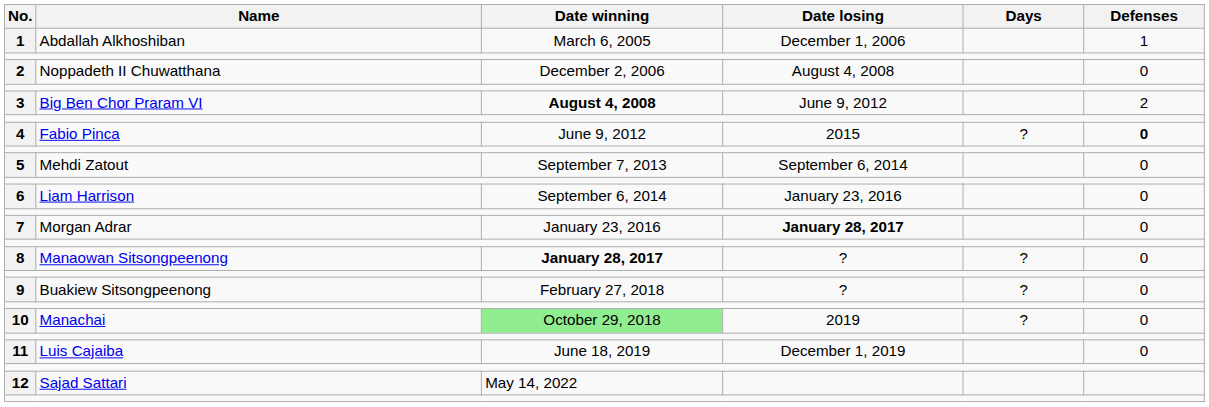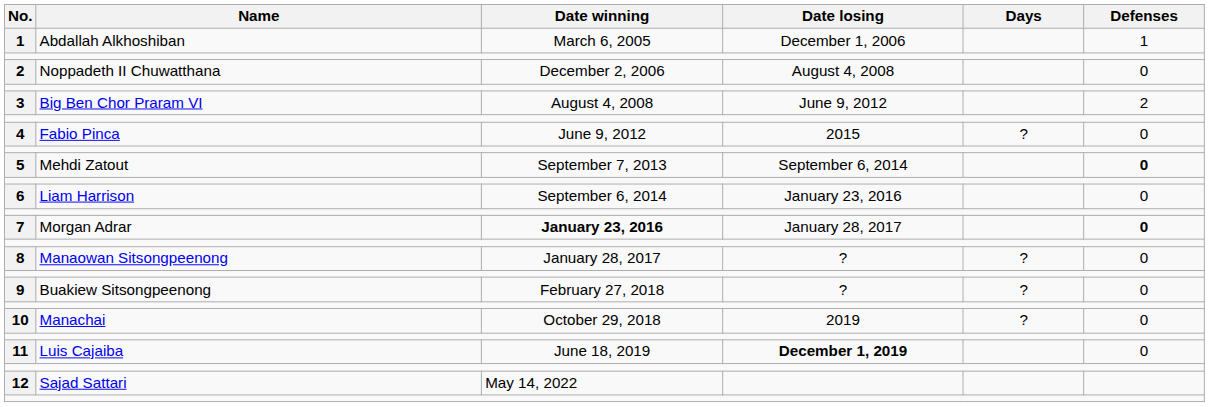 <table class="wikitable" width=100%>
 <tr>
 <th style="width:1%;">No.</th>
 <th style="width:37%;">Name</th>
 <th style="width:20%;">Date winning</th>
 <th style="width:20%;">Date losing</th>
 <th data-sort-type="number" style="width:10%;">Days</th>
 <th data-sort-type="number" style="width:10%;">Defenses</th>
 </tr>
 <tr align=center>
 <th>1</th>
 <td align="left"> Abdallah Alkhoshiban</td>
 <td>March 6, 2005</td>
 <td>December 1, 2006</td>
 <td></td>
 <td>1</td>
 </tr>
 <tr>
 <td colspan="6"></td>
 </tr>
 <tr align="center">
 <th>2</th>
 <td align="left"> Noppadeth II Chuwatthana</td>
 <td>December 2, 2006</td>
 <td>August 4, 2008</td>
 <td></td>
 <td>0</td>
 </tr>
 <tr>
 <td colspan="6"></td>
 </tr>
 <tr align="center">
 <th>3</th>
 <td align="left"> <a href='#'>Big Ben Chor Praram VI</a></td>
-<td><strong>August 4, 2008</strong></td>
+<td>August 4, 2008</td>
 <td>June 9, 2012</td>
 <td></td>
 <td>2</td>
 </tr>
 <tr>
 <td colspan="6"></td>
 </tr>
 <tr align="center">
 <th>4</th>
 <td align="left"> <a href='#'>Fabio Pinca</a></td>
 <td>June 9, 2012</td>
 <td>2015</td>
 <td>?</td>
-<td><strong>0</strong></td>
+<td>0</td>
 </tr>
 <tr>
 <td colspan="6"></td>
 </tr>
 <tr align="center">
 <th>5</th>
 <td align="left"> Mehdi Zatout</td>
 <td>September 7, 2013</td>
 <td>September 6, 2014</td>
 <td></td>
-<td>0</td>
+<td><strong>0</strong></td>
 </tr>
 <tr>
 <td colspan="6"></td>
 </tr>
 <tr align="center">
 <th>6</th>
 <td align="left"> <a href='#'>Liam Harrison</a></td>
 <td>September 6, 2014</td>
 <td>January 23, 2016</td>
 <td></td>
 <td>0</td>
 </tr>
 <tr>
 <td colspan="6"></td>
 </tr>
 <tr align="center">
 <th>7</th>
 <td align="left"> Morgan Adrar</td>
-<td>January 23, 2016</td>
-<td><strong>January 28, 2017</strong></td>
+<td><strong>January 23, 2016</strong></td>
+<td>January 28, 2017</td>
 <td></td>
-<td>0</td>
+<td><strong>0</strong></td>
 </tr>
 <tr>
 <td colspan="6"></td>
 </tr>
 <tr align="center">
 <th>8</th>
 <td align="left"> <a href='#'>Manaowan Sitsongpeenong</a></td>
-<td><strong>January 28, 2017</strong></td>
+<td>January 28, 2017</td>
 <td>?</td>
 <td>?</td>
 <td>0</td>
 </tr>
 <tr>
 <td colspan="6"></td>
 </tr>
 <tr align="center">
 <th>9</th>
 <td align="left"> Buakiew Sitsongpeenong</td>
 <td>February 27, 2018</td>
 <td>?</td>
 <td>?</td>
 <td>0</td>
 </tr>
 <tr>
 <td colspan="6"></td>
 </tr>
 <tr align="center">
 <th>10</th>
 <td align="left"> <a href='#'>Manachai</a></td>
-<td style="background: lightgreen;">October 29, 2018</td>
+<td>October 29, 2018</td>
 <td>2019</td>
 <td>?</td>
 <td>0</td>
 </tr>
 <tr>
 <td colspan="6"></td>
 </tr>
 <tr align="center">
 <th>11</th>
 <td align="left"> <a href='#'>Luis Cajaiba</a></td>
 <td>June 18, 2019</td>
-<td>December 1, 2019</td>
+<td><strong>December 1, 2019</strong></td>
 <td></td>
 <td>0</td>
 </tr>
 <tr>
 <td colspan="6"></td>
 </tr>
 <tr>
 <th>12</th>
 <td> <a href='#'>Sajad Sattari</a></td>
 <td>May 14, 2022</td>
 <td></td>
 <td></td>
 <td></td>
 </tr>
 <tr>
 <td colspan="6"></td>
 </tr>
 </table>
